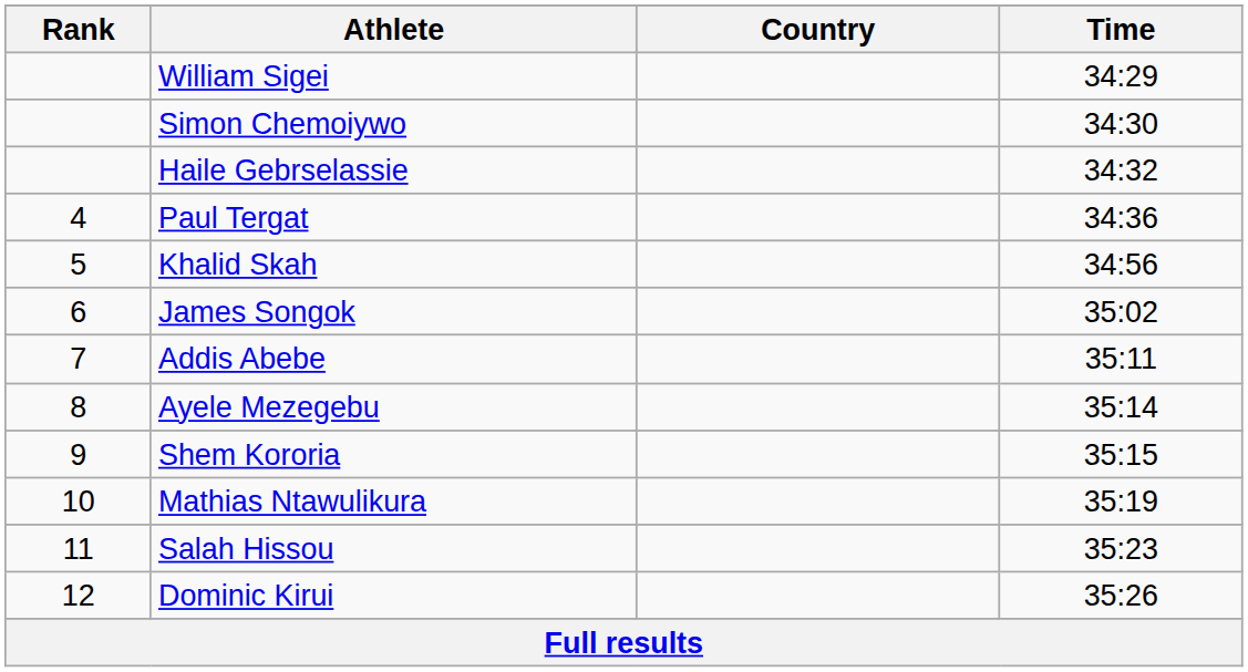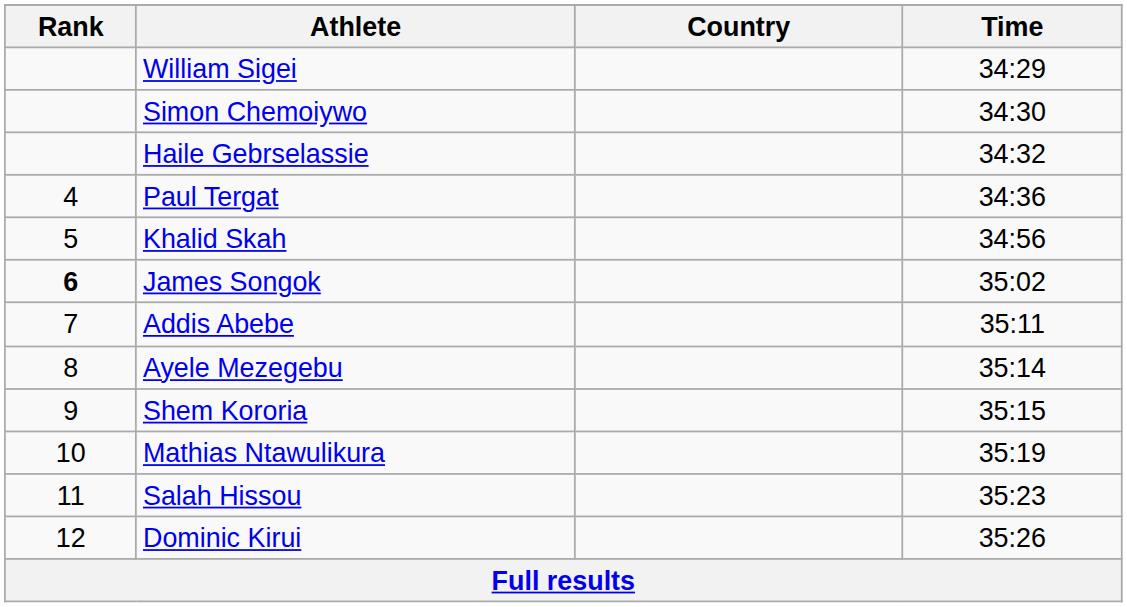 <table class="wikitable sortable" style=" text-align:center; font-size:95%;" width="50%">
 <tr>
 </tr>
 <tr>
 <th width=5%>Rank</th>
 <th width=20%>Athlete</th>
 <th width=15%>Country</th>
 <th width=10%>Time</th>
 </tr>
 <tr>
 <td align=center></td>
 <td align=left><a href='#'>William Sigei</a></td>
 <td align=left></td>
 <td>34:29</td>
 </tr>
 <tr>
 <td align=center></td>
 <td align=left><a href='#'>Simon Chemoiywo</a></td>
 <td align=left></td>
 <td>34:30</td>
 </tr>
 <tr>
 <td align=center></td>
 <td align=left><a href='#'>Haile Gebrselassie</a></td>
 <td align=left></td>
 <td>34:32</td>
 </tr>
 <tr>
 <td align=center>4</td>
 <td align=left><a href='#'>Paul Tergat</a></td>
 <td align=left></td>
 <td>34:36</td>
 </tr>
 <tr>
 <td align=center>5</td>
 <td align=left><a href='#'>Khalid Skah</a></td>
 <td align=left></td>
 <td>34:56</td>
 </tr>
 <tr>
-<td align=center>6</td>
+<td align=center><strong>6</strong></td>
 <td align=left><a href='#'>James Songok</a></td>
 <td align=left></td>
 <td>35:02</td>
 </tr>
 <tr>
 <td align=center>7</td>
 <td align=left><a href='#'>Addis Abebe</a></td>
 <td align=left></td>
 <td>35:11</td>
 </tr>
 <tr>
 <td align=center>8</td>
 <td align=left><a href='#'>Ayele Mezegebu</a></td>
 <td align=left></td>
 <td>35:14</td>
 </tr>
 <tr>
 <td align=center>9</td>
 <td align=left><a href='#'>Shem Kororia</a></td>
 <td align=left></td>
 <td>35:15</td>
 </tr>
 <tr>
 <td align=center>10</td>
 <td align=left><a href='#'>Mathias Ntawulikura</a></td>
 <td align=left></td>
 <td>35:19</td>
 </tr>
 <tr>
 <td align=center>11</td>
 <td align=left><a href='#'>Salah Hissou</a></td>
 <td align=left></td>
 <td>35:23</td>
 </tr>
 <tr>
 <td align=center>12</td>
 <td align=left><a href='#'>Dominic Kirui</a></td>
 <td align=left></td>
 <td>35:26</td>
 </tr>
 <tr class="sortbottom">
 <th colspan=4 align=center><a href='#'>Full results</a></th>
 </tr>
 </table>
